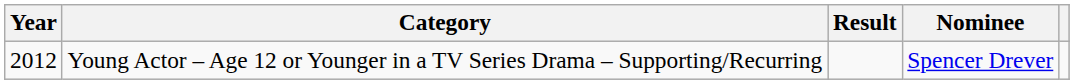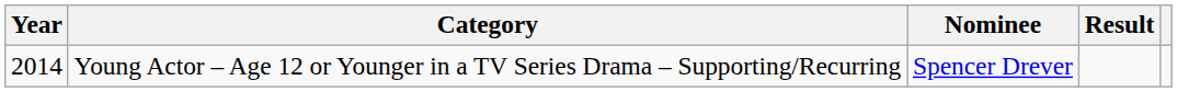 <table class="wikitable sortable">
 <tr>
 <th scope="col">Year</th>
 <th scope="col">Category</th>
+<th scope="col">Nominee</th>
 <th scope="col">Result</th>
-<th scope="col">Nominee</th>
 <th scope="col" class="unsortable"></th>
 </tr>
 <tr>
-<td>2012</td>
+<td>2014</td>
 <td>Young Actor – Age 12 or Younger in a TV Series Drama – Supporting/Recurring</td>
+<td><a href='#'>Spencer Drever</a></td>
 <td></td>
-<td><a href='#'>Spencer Drever</a></td>
 <td style="text-align: center;"></td>
 </tr>
 </table>
